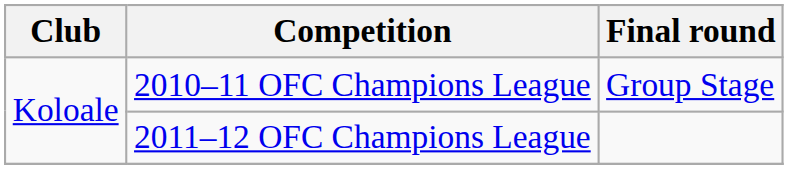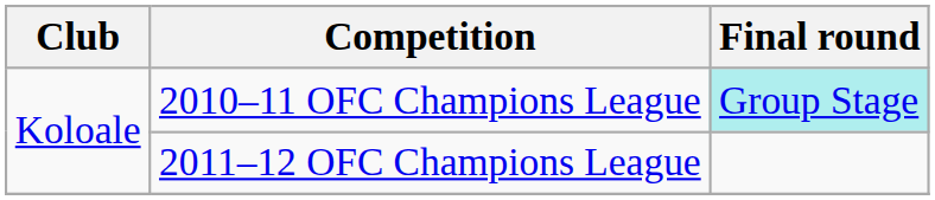 <table class="wikitable">
 <tr>
 <th>Club</th>
 <th>Competition</th>
 <th>Final round</th>
 </tr>
 <tr>
 <td rowspan=2><a href='#'>Koloale</a></td>
 <td><a href='#'>2010–11 OFC Champions League</a></td>
-<td><a href='#'>Group Stage</a></td>
+<td style="background: paleturquoise;"><a href='#'>Group Stage</a></td>
 </tr>
 <tr>
 <td><a href='#'>2011–12 OFC Champions League</a></td>
 <td></td>
 </tr>
 <tr>
 </tr>
 </table>
